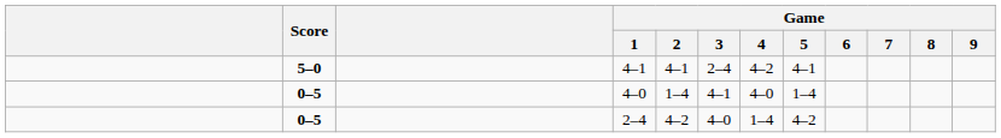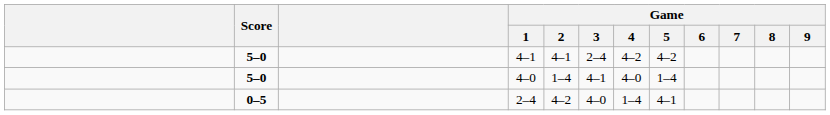 <table class="wikitable" style="text-align: center;">
 <tr>
 <th rowspan=2 align="right" width="270"></th>
 <th rowspan=2 width="45">Score</th>
 <th rowspan=2 align="left" width="270"></th>
 <th colspan=9>Game</th>
 </tr>
 <tr>
 <th width="35">1</th>
 <th width="35">2</th>
 <th width="35">3</th>
 <th width="35">4</th>
 <th width="35">5</th>
 <th width="35">6</th>
 <th width="35">7</th>
 <th width="35">8</th>
 <th width="35">9</th>
 </tr>
 <tr>
 <td align=left><strong><br></strong></td>
 <td align=center><strong>5–0</strong></td>
 <td align=left><br></td>
 <td>4–1</td>
 <td>4–1</td>
 <td>2–4</td>
 <td>4–2</td>
-<td>4–1</td>
+<td>4–2</td>
 <td></td>
 <td></td>
 <td></td>
 <td></td>
 </tr>
 <tr>
 <td align=left><br></td>
-<td align=center><strong>0–5</strong></td>
+<td align=center><strong>5–0</strong></td>
 <td align=left><strong><br></strong></td>
 <td>4–0</td>
 <td>1–4</td>
 <td>4–1</td>
 <td>4–0</td>
 <td>1–4</td>
 <td></td>
 <td></td>
 <td></td>
 <td></td>
 </tr>
 <tr>
 <td align=left><strong><br></strong></td>
 <td align=center><strong>0–5</strong></td>
 <td align=left><br></td>
 <td>2–4</td>
 <td>4–2</td>
 <td>4–0</td>
 <td>1–4</td>
-<td>4–2</td>
+<td>4–1</td>
 <td></td>
 <td></td>
 <td></td>
 <td></td>
 </tr>
 </table>
